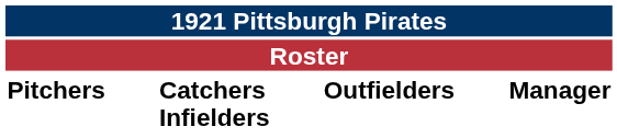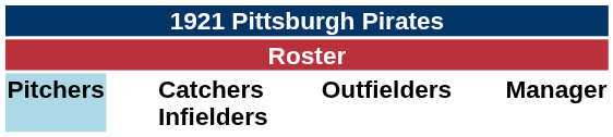 <table class="toccolours" style="font-size: 95%;">
 <tr>
 <th colspan="10" style="background-color: #023465; color: white; text-align: center;">1921 Pittsburgh Pirates</th>
 </tr>
 <tr>
 <td colspan="10" style="background-color: #ba313c; color: white; text-align: center;"><strong>Roster</strong></td>
 </tr>
 <tr>
-<td valign="top"><strong>Pitchers</strong><br>             </td>
+<td valign="top" style="background: lightblue;"><strong>Pitchers</strong><br>             </td>
 <td width="25px"></td>
 <td valign="top"><strong>Catchers</strong><br>      <strong>Infielders</strong>      </td>
 <td width="25px"></td>
 <td valign="top"><strong>Outfielders</strong><br>      </td>
 <td width="25px"></td>
 <td valign="top"><strong>Manager</strong><br></td>
 </tr>
 </table>
